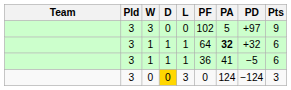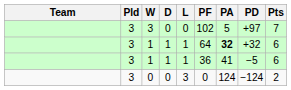 <table class="wikitable" style="text-align:center;">
 <tr>
 <th width=175>Team</th>
 <th width=20 abbr="Played">Pld</th>
 <th width=20 abbr="Won">W</th>
 <th width=20 abbr="Drawn">D</th>
 <th width=20 abbr="Lost">L</th>
 <th width=20 abbr="Points for">PF</th>
 <th width=20 abbr="Points against">PA</th>
 <th width=25 abbr="Points difference">PD</th>
 <th width=20 abbr="Points">Pts</th>
 </tr>
 <tr bgcolor=ccffcc>
 <td style="text-align:left;"></td>
 <td>3</td>
 <td>3</td>
 <td>0</td>
 <td>0</td>
 <td>102</td>
 <td>5</td>
 <td>+97</td>
-<td>9</td>
+<td>7</td>
 </tr>
 <tr bgcolor=ccffcc>
 <td style="text-align:left;"></td>
 <td>3</td>
 <td>1</td>
 <td>1</td>
 <td>1</td>
 <td>64</td>
 <td><strong>32</strong></td>
 <td>+32</td>
 <td>6</td>
 </tr>
 <tr bgcolor=ccffcc>
 <td style="text-align:left;"></td>
 <td>3</td>
 <td>1</td>
 <td>1</td>
 <td>1</td>
 <td>36</td>
 <td>41</td>
 <td>−5</td>
 <td>6</td>
 </tr>
 <tr>
 <td style="text-align:left;"></td>
 <td>3</td>
 <td>0</td>
-<td style="background: gold;">0</td>
+<td>0</td>
 <td>3</td>
 <td>0</td>
 <td>124</td>
 <td>−124</td>
-<td>3</td>
+<td>2</td>
 </tr>
 </table>
